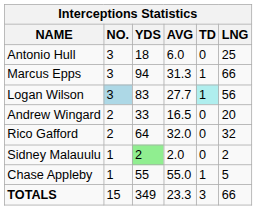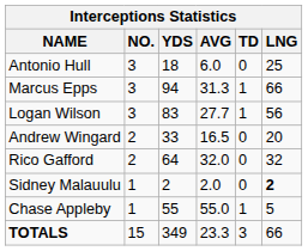 <table class="wikitable sortable collapsible collapsed">
 <tr>
 <th colspan="16">Interceptions Statistics</th>
 </tr>
 <tr>
 <th>NAME</th>
 <th>NO.</th>
 <th>YDS</th>
 <th>AVG</th>
 <th>TD</th>
 <th>LNG</th>
 </tr>
 <tr>
 <td>Antonio Hull</td>
 <td>3</td>
 <td>18</td>
 <td>6.0</td>
 <td>0</td>
 <td>25</td>
 </tr>
 <tr>
 <td>Marcus Epps</td>
 <td>3</td>
 <td>94</td>
 <td>31.3</td>
 <td>1</td>
 <td>66</td>
 </tr>
 <tr>
 <td>Logan Wilson</td>
-<td style="background: lightblue;">3</td>
+<td>3</td>
 <td>83</td>
 <td>27.7</td>
-<td style="background: paleturquoise;">1</td>
+<td>1</td>
 <td>56</td>
 </tr>
 <tr>
 <td>Andrew Wingard</td>
 <td>2</td>
 <td>33</td>
 <td>16.5</td>
 <td>0</td>
 <td>20</td>
 </tr>
 <tr>
 <td>Rico Gafford</td>
 <td>2</td>
 <td>64</td>
 <td>32.0</td>
 <td>0</td>
 <td>32</td>
 </tr>
 <tr>
 <td>Sidney Malauulu</td>
 <td>1</td>
-<td style="background: lightgreen;">2</td>
+<td>2</td>
 <td>2.0</td>
 <td>0</td>
-<td>2</td>
+<td><strong>2</strong></td>
 </tr>
 <tr>
 <td>Chase Appleby</td>
 <td>1</td>
 <td>55</td>
 <td>55.0</td>
 <td>1</td>
 <td>5</td>
 </tr>
 <tr>
 <td><strong>TOTALS</strong></td>
 <td>15</td>
 <td>349</td>
 <td>23.3</td>
 <td>3</td>
 <td>66</td>
 </tr>
 </table>
